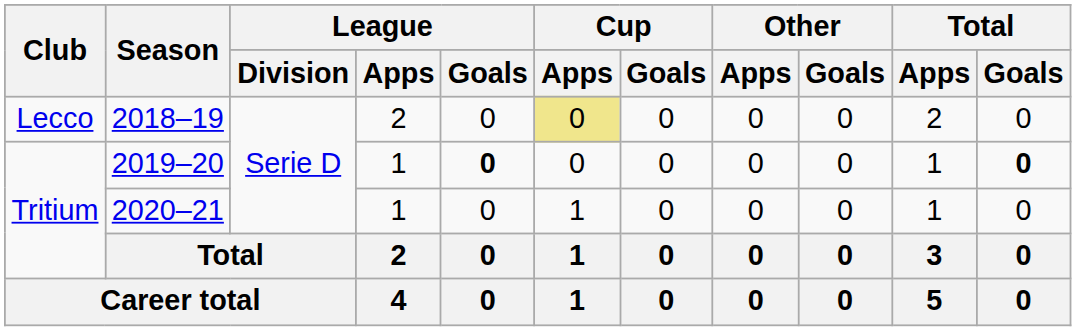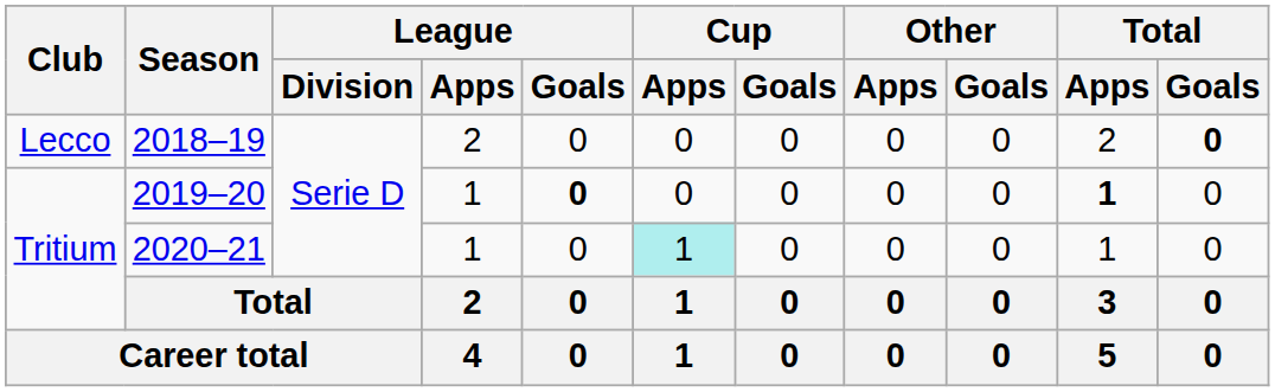 <table class="wikitable" style="text-align: center">
 <tr>
 <th rowspan="2">Club</th>
 <th rowspan="2">Season</th>
 <th colspan="3">League</th>
 <th colspan="2">Cup</th>
 <th colspan="2">Other</th>
 <th colspan="2">Total</th>
 </tr>
 <tr>
 <th>Division</th>
 <th>Apps</th>
 <th>Goals</th>
 <th>Apps</th>
 <th>Goals</th>
 <th>Apps</th>
 <th>Goals</th>
 <th>Apps</th>
 <th>Goals</th>
 </tr>
 <tr>
 <td><a href='#'>Lecco</a></td>
 <td><a href='#'>2018–19</a></td>
 <td rowspan="3"><a href='#'>Serie D</a></td>
 <td>2</td>
 <td>0</td>
-<td style="background: khaki;">0</td>
+<td>0</td>
 <td>0</td>
 <td>0</td>
 <td>0</td>
 <td>2</td>
-<td>0</td>
+<td><strong>0</strong></td>
 </tr>
 <tr>
 <td rowspan="3"><a href='#'>Tritium</a></td>
 <td><a href='#'>2019–20</a></td>
 <td>1</td>
 <td><strong>0</strong></td>
 <td>0</td>
 <td>0</td>
 <td>0</td>
 <td>0</td>
-<td>1</td>
-<td><strong>0</strong></td>
+<td><strong>1</strong></td>
+<td>0</td>
 </tr>
 <tr>
 <td><a href='#'>2020–21</a></td>
 <td>1</td>
 <td>0</td>
-<td>1</td>
+<td style="background: paleturquoise;">1</td>
 <td>0</td>
 <td>0</td>
 <td>0</td>
 <td>1</td>
 <td>0</td>
 </tr>
 <tr>
 <th colspan="2">Total</th>
 <th>2</th>
 <th>0</th>
 <th>1</th>
 <th>0</th>
 <th>0</th>
 <th>0</th>
 <th>3</th>
 <th>0</th>
 </tr>
 <tr>
 <th colspan="3">Career total</th>
 <th>4</th>
 <th>0</th>
 <th>1</th>
 <th>0</th>
 <th>0</th>
 <th>0</th>
 <th>5</th>
 <th>0</th>
 </tr>
 </table>
